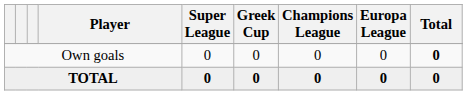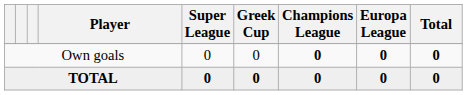 <table class="wikitable sortable" style="text-align:center">
 <tr>
 <th width=5></th>
 <th width=5></th>
 <th width=5></th>
 <th width=150>Player</th>
 <th width=30>Super League</th>
 <th width=30>Greek Cup</th>
 <th width=30px>Champions League</th>
 <th width=30px>Europa League</th>
 <th width=50>Total</th>
 </tr>
 <tr>
 </tr>
 <tr>
 </tr>
 <tr>
 <td colspan="4">Own goals</td>
 <td>0</td>
 <td>0</td>
-<td>0</td>
-<td>0</td>
+<td><strong>0</strong></td>
+<td><strong>0</strong></td>
 <td><strong>0</strong></td>
 </tr>
 <tr bgcolor="#EFEFEF">
 <td colspan=4><strong>TOTAL</strong></td>
 <td><strong>0</strong></td>
 <td><strong>0</strong></td>
 <td><strong>0</strong></td>
 <td><strong>0</strong></td>
 <td><strong>0</strong></td>
 </tr>
 </table>
